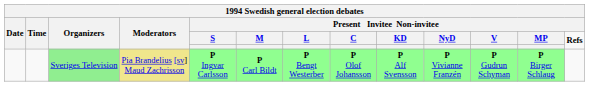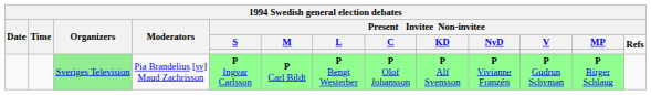 <table class="wikitable" style="font-size:85%; line-height:15px; text-align:center;">
 <tr>
 <th colspan="13">1994 Swedish general election debates</th>
 </tr>
 <tr>
 <th rowspan="3">Date</th>
 <th rowspan="3">Time</th>
 <th rowspan="3">Organizers</th>
 <th rowspan="3">Moderators</th>
 <th colspan="9"> Present    Invitee  Non-invitee </th>
 </tr>
 <tr>
 <th scope="col" style="width:5em;"><a href='#'>S</a></th>
 <th scope="col" style="width:5em;"><a href='#'>M</a></th>
 <th scope="col" style="width:5em;"><a href='#'>L</a></th>
 <th scope="col" style="width:5em;"><a href='#'>C</a></th>
 <th scope="col" style="width:5em;"><a href='#'>KD</a></th>
 <th scope="col" style="width:5em;"><a href='#'>NyD</a></th>
 <th scope="col" style="width:5em;"><a href='#'>V</a></th>
 <th scope="col" style="width:5em;"><a href='#'>MP</a></th>
 <td rowspan="2"><strong>Refs</strong></td>
 </tr>
 <tr>
 <th style="background:"></th>
 <th style="background:"></th>
 <th style="background:"></th>
 <th style="background:"></th>
 <th style="background:"></th>
 <th style="background:"></th>
 <th style="background:"></th>
 <th style="background:"></th>
 </tr>
 <tr>
 <td></td>
 <td></td>
 <td style="background: lightgreen;"><a href='#'>Sveriges Television</a></td>
-<td style="background: khaki;"><a href='#'>Pia Brandelius</a> <a href='#'>[sv</a>]<br><a href='#'>Maud Zachrisson</a></td>
+<td><a href='#'>Pia Brandelius</a> <a href='#'>[sv</a>]<br><a href='#'>Maud Zachrisson</a></td>
 <td style="background:#90FF90"><strong>P</strong><br><a href='#'>Ingvar Carlsson</a></td>
 <td style="background:#90FF90"><strong>P</strong><br><a href='#'>Carl Bildt</a></td>
 <td style="background:#90FF90"><strong>P</strong><br><a href='#'>Bengt Westerber</a></td>
 <td style="background:#90FF90"><strong>P</strong><br><a href='#'>Olof Johansson</a></td>
 <td style="background:#90FF90"><strong>P</strong><br><a href='#'>Alf Svensson</a></td>
 <td style="background:#90FF90"><strong>P</strong><br><a href='#'>Vivianne Franzén</a></td>
 <td style="background:#90FF90"><strong>P</strong><br><a href='#'>Gudrun Schyman</a></td>
 <td style="background:#90FF90"><strong>P</strong><br><a href='#'>Birger Schlaug</a></td>
 <td></td>
 </tr>
 </table>
